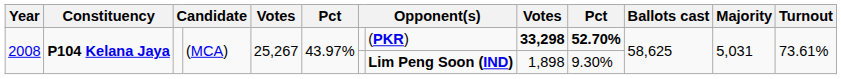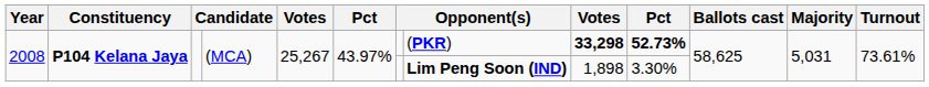 <table class="wikitable" style="margin:0.5em ; font-size:95%">
 <tr>
 <th>Year</th>
 <th>Constituency</th>
 <th colspan=2>Candidate</th>
 <th>Votes</th>
 <th>Pct</th>
 <th colspan=2>Opponent(s)</th>
 <th>Votes</th>
 <th>Pct</th>
 <th>Ballots cast</th>
 <th>Majority</th>
 <th>Turnout</th>
 </tr>
 <tr>
 <td rowspan=2><a href='#'>2008</a></td>
 <td rowspan=2><strong>P104 <a href='#'>Kelana Jaya</a></strong></td>
 <td rowspan=2 ></td>
 <td rowspan=2> (<a href='#'>MCA</a>)</td>
 <td rowspan=2 align="right">25,267</td>
 <td rowspan=2>43.97%</td>
 <td></td>
 <td> (<a href='#'><strong>PKR</strong></a>)</td>
 <td align="right"><strong>33,298</strong></td>
-<td><strong>52.70%</strong></td>
+<td><strong>52.73%</strong></td>
 <td rowspan=2>58,625</td>
 <td rowspan=2>5,031</td>
 <td rowspan=2>73.61%</td>
 </tr>
 <tr>
 <td></td>
 <td><strong>Lim Peng Soon (<a href='#'>IND</a>)</strong></td>
 <td align="right">1,898</td>
-<td>9.30%</td>
+<td>3.30%</td>
 </tr>
 </table>
